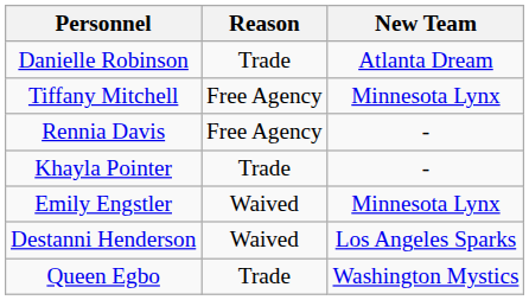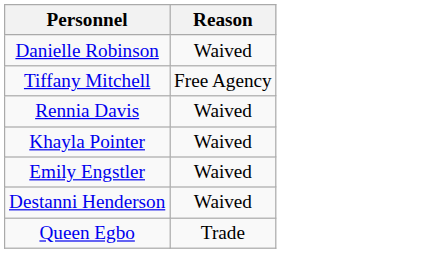 <table class="wikitable" style="text-align: center">
 <tr align="center"  bgcolor="#dddddd">
 <th><strong>Personnel</strong></th>
 <th><strong>Reason</strong></th>
-<th><strong>New Team</strong></th>
 </tr>
 <tr>
 <td><a href='#'>Danielle Robinson</a></td>
-<td>Trade</td>
-<td><a href='#'>Atlanta Dream</a></td>
+<td>Waived</td>
 </tr>
 <tr>
 <td><a href='#'>Tiffany Mitchell</a></td>
 <td>Free Agency</td>
-<td><a href='#'>Minnesota Lynx</a></td>
 </tr>
 <tr>
 <td><a href='#'>Rennia Davis</a></td>
-<td>Free Agency</td>
-<td>-</td>
+<td>Waived</td>
 </tr>
 <tr>
 <td><a href='#'>Khayla Pointer</a></td>
-<td>Trade</td>
-<td>-</td>
+<td>Waived</td>
 </tr>
 <tr>
 <td><a href='#'>Emily Engstler</a></td>
 <td>Waived</td>
-<td><a href='#'>Minnesota Lynx</a></td>
 </tr>
 <tr>
 <td><a href='#'>Destanni Henderson</a></td>
 <td>Waived</td>
-<td><a href='#'>Los Angeles Sparks</a></td>
 </tr>
 <tr>
 <td><a href='#'>Queen Egbo</a></td>
 <td>Trade</td>
-<td><a href='#'>Washington Mystics</a></td>
 </tr>
 </table>
